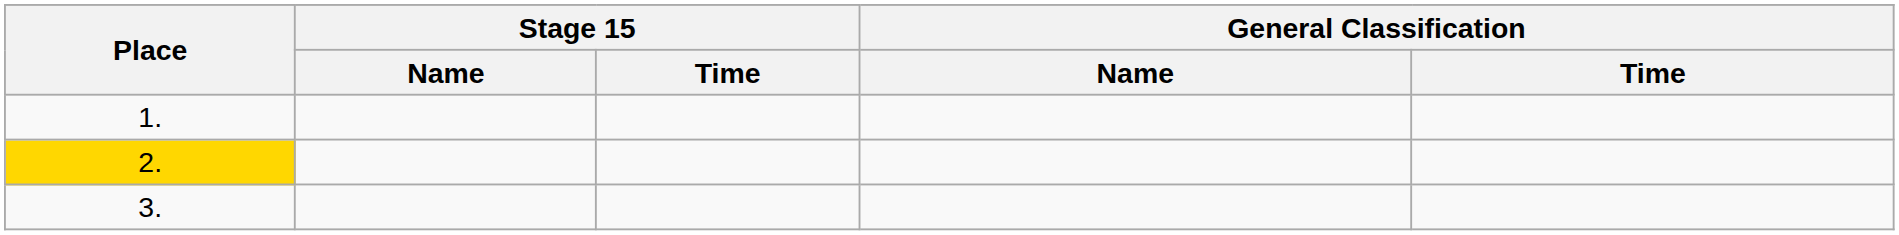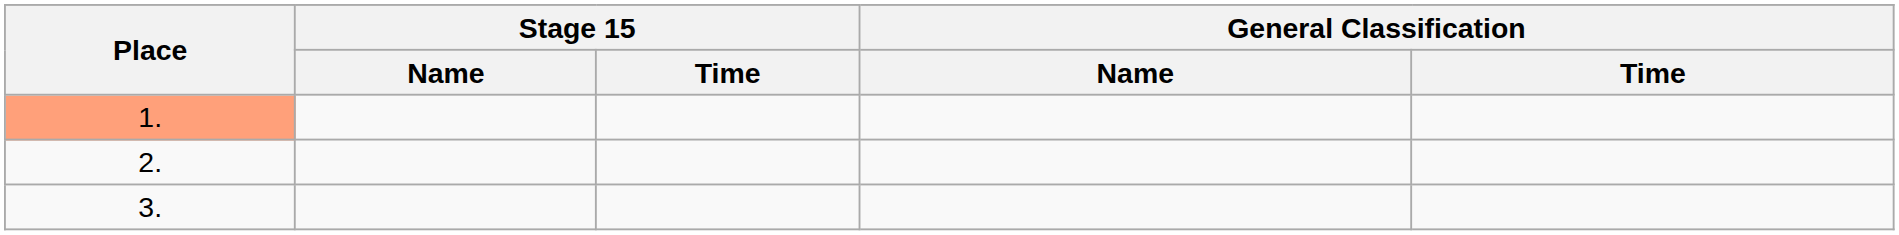 <table class=wikitable style="font-size:95%" width="80%">
 <tr>
 <th rowspan="2">Place</th>
 <th colspan="2">Stage 15</th>
 <th colspan="2">General Classification</th>
 </tr>
 <tr>
 <th>Name</th>
 <th>Time</th>
 <th>Name</th>
 <th>Time</th>
 </tr>
 <tr>
-<td align="center">1.</td>
+<td align="center" style="background: lightsalmon;">1.</td>
 <td></td>
 <td></td>
 <td></td>
 <td></td>
 </tr>
 <tr>
-<td align="center" style="background: gold;">2.</td>
+<td align="center">2.</td>
 <td></td>
 <td></td>
 <td></td>
 <td></td>
 </tr>
 <tr>
 <td align="center">3.</td>
 <td></td>
 <td></td>
 <td></td>
 <td></td>
 </tr>
 </table>
